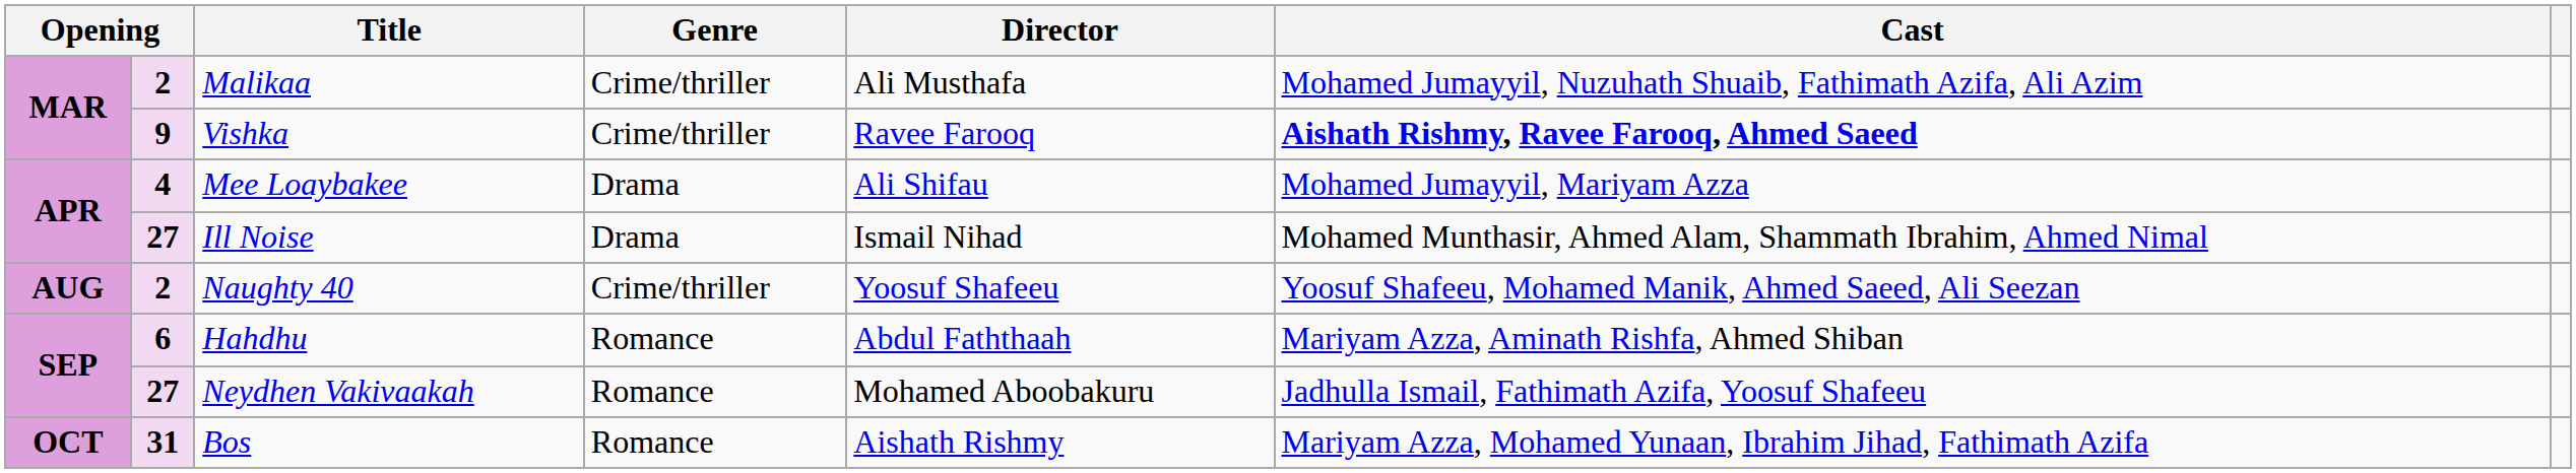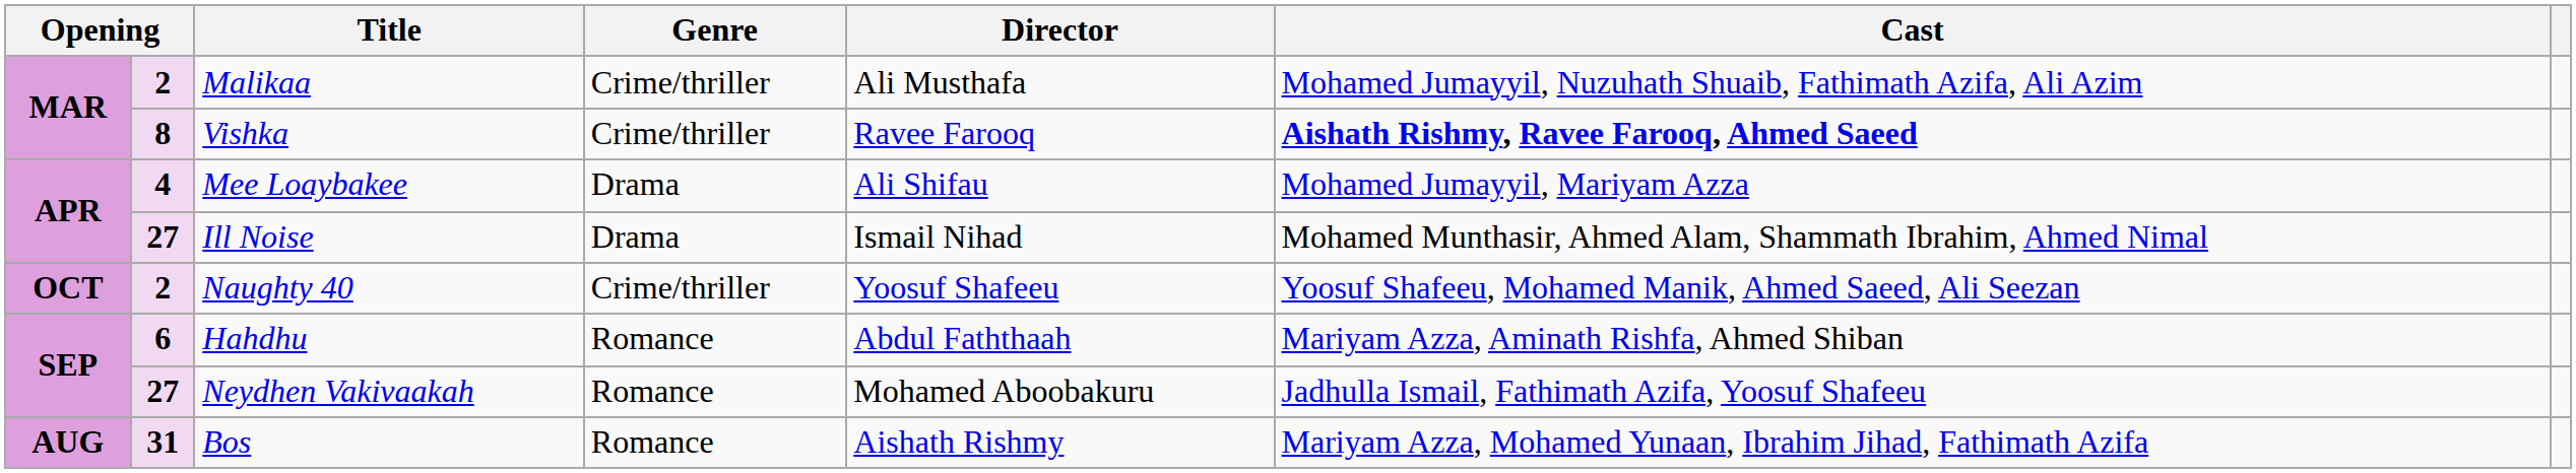 <table class="wikitable plainrowheaders" width="100%">
 <tr>
 <th scope="col" colspan="2">Opening</th>
 <th scope="col">Title</th>
 <th scope="col">Genre</th>
 <th scope="col">Director</th>
 <th scope="col">Cast</th>
 <th scope="col"></th>
 </tr>
 <tr>
 <td style="text-align:center; background:plum; textcolor:#000;" rowspan="2"><strong>MAR</strong></td>
 <td style="text-align:center; background:#f1daf1;"><strong>2</strong></td>
 <td><em><a href='#'>Malikaa</a></em></td>
 <td>Crime/thriller</td>
 <td>Ali Musthafa</td>
 <td><a href='#'>Mohamed Jumayyil</a>, <a href='#'>Nuzuhath Shuaib</a>, <a href='#'>Fathimath Azifa</a>, <a href='#'>Ali Azim</a></td>
 <td style="text-align:center;"></td>
 </tr>
 <tr>
-<td style="text-align:center; background:#f1daf1;"><strong>9</strong></td>
+<td style="text-align:center; background:#f1daf1;"><strong>8</strong></td>
 <td><em><a href='#'>Vishka</a></em></td>
 <td>Crime/thriller</td>
 <td><a href='#'>Ravee Farooq</a></td>
 <td><strong><a href='#'>Aishath Rishmy</a>, <a href='#'>Ravee Farooq</a>, <a href='#'>Ahmed Saeed</a></strong></td>
 <td style="text-align:center;"></td>
 </tr>
 <tr>
 <td style="text-align:center; background:plum; textcolor:#000;" rowspan="2"><strong>APR</strong></td>
 <td style="text-align:center; background:#f1daf1;"><strong>4</strong></td>
 <td><em><a href='#'>Mee Loaybakee</a></em></td>
 <td>Drama</td>
 <td><a href='#'>Ali Shifau</a></td>
 <td><a href='#'>Mohamed Jumayyil</a>, <a href='#'>Mariyam Azza</a></td>
 <td style="text-align:center;"></td>
 </tr>
 <tr>
 <td style="text-align:center; background:#f1daf1;"><strong>27</strong></td>
 <td><em><a href='#'>Ill Noise</a></em></td>
 <td>Drama</td>
 <td>Ismail Nihad</td>
 <td>Mohamed Munthasir, Ahmed Alam, Shammath Ibrahim, <a href='#'>Ahmed Nimal</a></td>
 <td style="text-align:center;"></td>
 </tr>
 <tr>
-<td style="text-align:center; background:plum; textcolor:#000;"><strong>AUG</strong></td>
+<td style="text-align:center; background:plum; textcolor:#000;"><strong>OCT</strong></td>
 <td style="text-align:center; background:#f1daf1;"><strong>2</strong></td>
 <td><em><a href='#'>Naughty 40</a></em></td>
 <td>Crime/thriller</td>
 <td><a href='#'>Yoosuf Shafeeu</a></td>
 <td><a href='#'>Yoosuf Shafeeu</a>, <a href='#'>Mohamed Manik</a>, <a href='#'>Ahmed Saeed</a>, <a href='#'>Ali Seezan</a></td>
 <td style="text-align:center;"></td>
 </tr>
 <tr>
 <td style="text-align:center; background:plum; textcolor:#000;" rowspan="2"><strong>SEP</strong></td>
 <td style="text-align:center; background:#f1daf1;"><strong>6</strong></td>
 <td><em><a href='#'>Hahdhu</a></em></td>
 <td>Romance</td>
 <td><a href='#'>Abdul Faththaah</a></td>
 <td><a href='#'>Mariyam Azza</a>, <a href='#'>Aminath Rishfa</a>, Ahmed Shiban</td>
 <td style="text-align:center;"></td>
 </tr>
 <tr>
 <td style="text-align:center; background:#f1daf1;"><strong>27</strong></td>
 <td><em><a href='#'>Neydhen Vakivaakah</a></em></td>
 <td>Romance</td>
 <td>Mohamed Aboobakuru</td>
 <td><a href='#'>Jadhulla Ismail</a>, <a href='#'>Fathimath Azifa</a>, <a href='#'>Yoosuf Shafeeu</a></td>
 <td style="text-align:center;"></td>
 </tr>
 <tr>
-<td style="text-align:center; background:plum; textcolor:#000;"><strong>OCT</strong></td>
+<td style="text-align:center; background:plum; textcolor:#000;"><strong>AUG</strong></td>
 <td style="text-align:center; background:#f1daf1;"><strong>31</strong></td>
 <td><em><a href='#'>Bos</a></em></td>
 <td>Romance</td>
 <td><a href='#'>Aishath Rishmy</a></td>
 <td><a href='#'>Mariyam Azza</a>, <a href='#'>Mohamed Yunaan</a>, <a href='#'>Ibrahim Jihad</a>, <a href='#'>Fathimath Azifa</a></td>
 <td style="text-align:center;"></td>
 </tr>
 <tr>
 </tr>
 </table>
